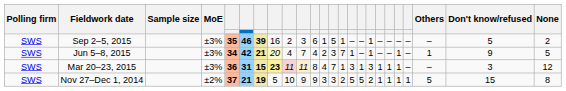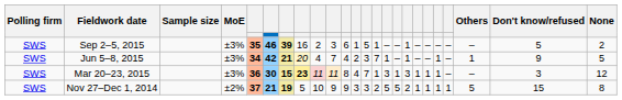 <table class="wikitable" style="text-align:center;font-size:90%;line-height:14px;">
 <tr style="height:40px;">
 <th rowspan="2">Polling firm</th>
 <th rowspan="2">Fieldwork date</th>
 <th rowspan="2">Sample size</th>
 <th rowspan="2"><abbr>MoE</abbr></th>
 <th></th>
 <th></th>
 <th></th>
 <th></th>
 <th></th>
 <th></th>
 <th></th>
 <th></th>
 <th></th>
 <th></th>
 <th></th>
 <th></th>
 <th></th>
 <th></th>
 <th></th>
 <th></th>
 <th></th>
 <th rowspan="2">Others</th>
 <th rowspan="2">Don't know/refused</th>
 <th rowspan="2">None</th>
 </tr>
 <tr>
 <th style="background:"></th>
 <th style="background:#0070C0;"></th>
 <th style="background:"></th>
 <th style="background:"></th>
 <th style="background:"></th>
 <th style="background:"></th>
 <th style="background:"></th>
 <th style="background:"></th>
 <th style="background:"></th>
 <th style="background:"></th>
 <th style="background:"></th>
 <th style="background:"></th>
 <th style="background:"></th>
 <th style="background:"></th>
 <th style="background:"></th>
 <th style="background:"></th>
 <th style="background:"></th>
 </tr>
 <tr>
 <td><a href='#'>SWS</a></td>
 <td>Sep 2–5, 2015</td>
 <td></td>
 <td>±3%</td>
 <td style="background:#FFB899;"><strong>35</strong></td>
 <td style="background:#93d2ff;"><strong>46</strong></td>
 <td style="background:#f3eba5;"><strong>39</strong></td>
 <td>16</td>
 <td>2</td>
 <td>3</td>
 <td>6</td>
 <td>1</td>
 <td>5</td>
 <td>1</td>
 <td>–</td>
 <td>–</td>
 <td>1</td>
 <td>–</td>
 <td>–</td>
 <td>–</td>
 <td>–</td>
 <td>–</td>
 <td>5</td>
 <td>2</td>
 </tr>
 <tr>
 <td><a href='#'>SWS</a></td>
 <td>Jun 5–8, 2015</td>
 <td></td>
 <td>±3%</td>
 <td style="background:#FFB899;"><strong>34</strong></td>
 <td style="background:#93d2ff;"><strong>42</strong></td>
 <td style="background:#f3eba5;"><strong>21</strong></td>
 <td style="background:#fff7cc;"><em>20</em></td>
 <td>4</td>
 <td>7</td>
 <td>4</td>
 <td>2</td>
 <td>3</td>
 <td>7</td>
 <td>1</td>
 <td>–</td>
 <td>1</td>
 <td>–</td>
 <td>–</td>
 <td>1</td>
 <td>–</td>
 <td>1</td>
 <td>9</td>
 <td>5</td>
 </tr>
 <tr>
 <td><a href='#'>SWS</a></td>
 <td>Mar 20–23, 2015</td>
 <td></td>
 <td>±3%</td>
 <td style="background:#FFB899;"><strong>36</strong></td>
-<td style="background:#93d2ff;"><strong>31</strong></td>
+<td style="background:#93d2ff;"><strong>30</strong></td>
 <td style="background:#f3eba5;"><strong>15</strong></td>
 <td style="background:#fff099;"><strong>23</strong></td>
 <td style="background:#fad1d1;"><em>11</em></td>
 <td style="background:#ffedcc;"><em>11</em></td>
 <td>8</td>
 <td>4</td>
 <td>7</td>
 <td>1</td>
 <td>3</td>
 <td>1</td>
 <td>3</td>
 <td>1</td>
 <td>1</td>
 <td>1</td>
 <td>–</td>
 <td>–</td>
 <td>3</td>
 <td>12</td>
 </tr>
 <tr>
 <td><a href='#'>SWS</a></td>
 <td>Nov 27–Dec 1, 2014</td>
 <td></td>
 <td>±2%</td>
 <td style="background:#FFB899;"><strong>37</strong></td>
 <td style="background:#93d2ff;"><strong>21</strong></td>
 <td style="background:#f3eba5;"><strong>19</strong></td>
 <td>5</td>
 <td>10</td>
 <td>9</td>
 <td>9</td>
 <td>3</td>
 <td>3</td>
 <td>2</td>
 <td>5</td>
 <td>5</td>
 <td>2</td>
 <td>1</td>
 <td>1</td>
 <td>1</td>
 <td>1</td>
 <td>5</td>
 <td>15</td>
 <td>8</td>
 </tr>
 </table>
